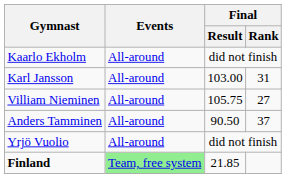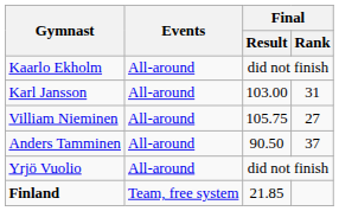 <table class=wikitable style="font-size:90%">
 <tr>
 <th rowspan="2">Gymnast</th>
 <th rowspan="2">Events</th>
 <th colspan="2">Final</th>
 </tr>
 <tr>
 <th>Result</th>
 <th>Rank</th>
 </tr>
 <tr>
 <td><a href='#'>Kaarlo Ekholm</a></td>
 <td><a href='#'>All-around</a></td>
 <td align=center colspan=2>did not finish</td>
 </tr>
 <tr>
 <td><a href='#'>Karl Jansson</a></td>
 <td><a href='#'>All-around</a></td>
 <td align=center>103.00</td>
 <td align=center>31</td>
 </tr>
 <tr>
 <td><a href='#'>Villiam Nieminen</a></td>
 <td><a href='#'>All-around</a></td>
 <td align=center>105.75</td>
 <td align=center>27</td>
 </tr>
 <tr>
 <td><a href='#'>Anders Tamminen</a></td>
 <td><a href='#'>All-around</a></td>
 <td align=center>90.50</td>
 <td align=center>37</td>
 </tr>
 <tr>
 <td><a href='#'>Yrjö Vuolio</a></td>
 <td><a href='#'>All-around</a></td>
 <td align=center colspan=2>did not finish</td>
 </tr>
 <tr>
 <td><strong>Finland</strong></td>
-<td style="background: lightgreen;"><a href='#'>Team, free system</a></td>
+<td><a href='#'>Team, free system</a></td>
 <td align=center>21.85</td>
 <td align=center></td>
 </tr>
 </table>
